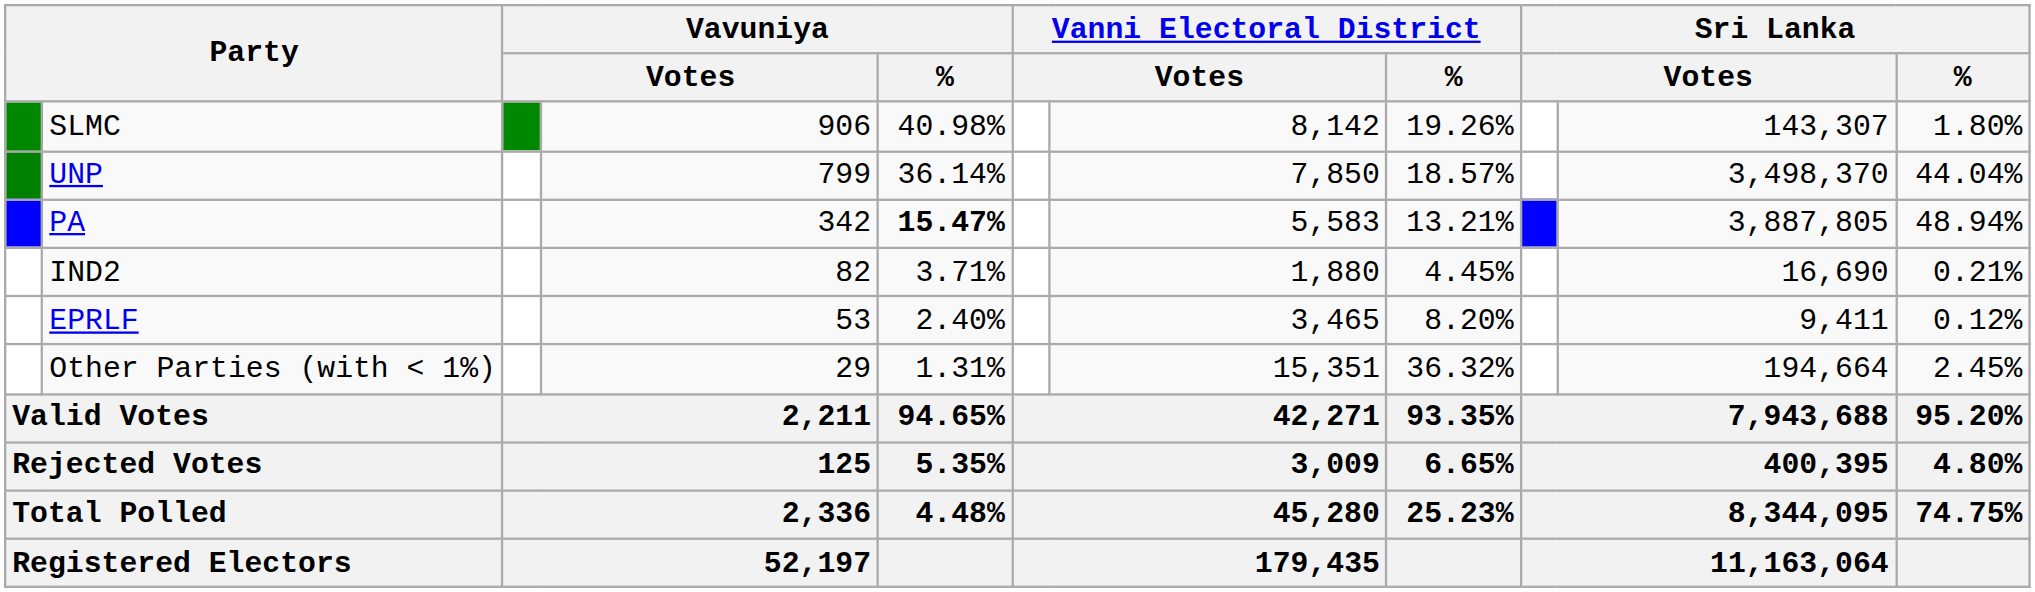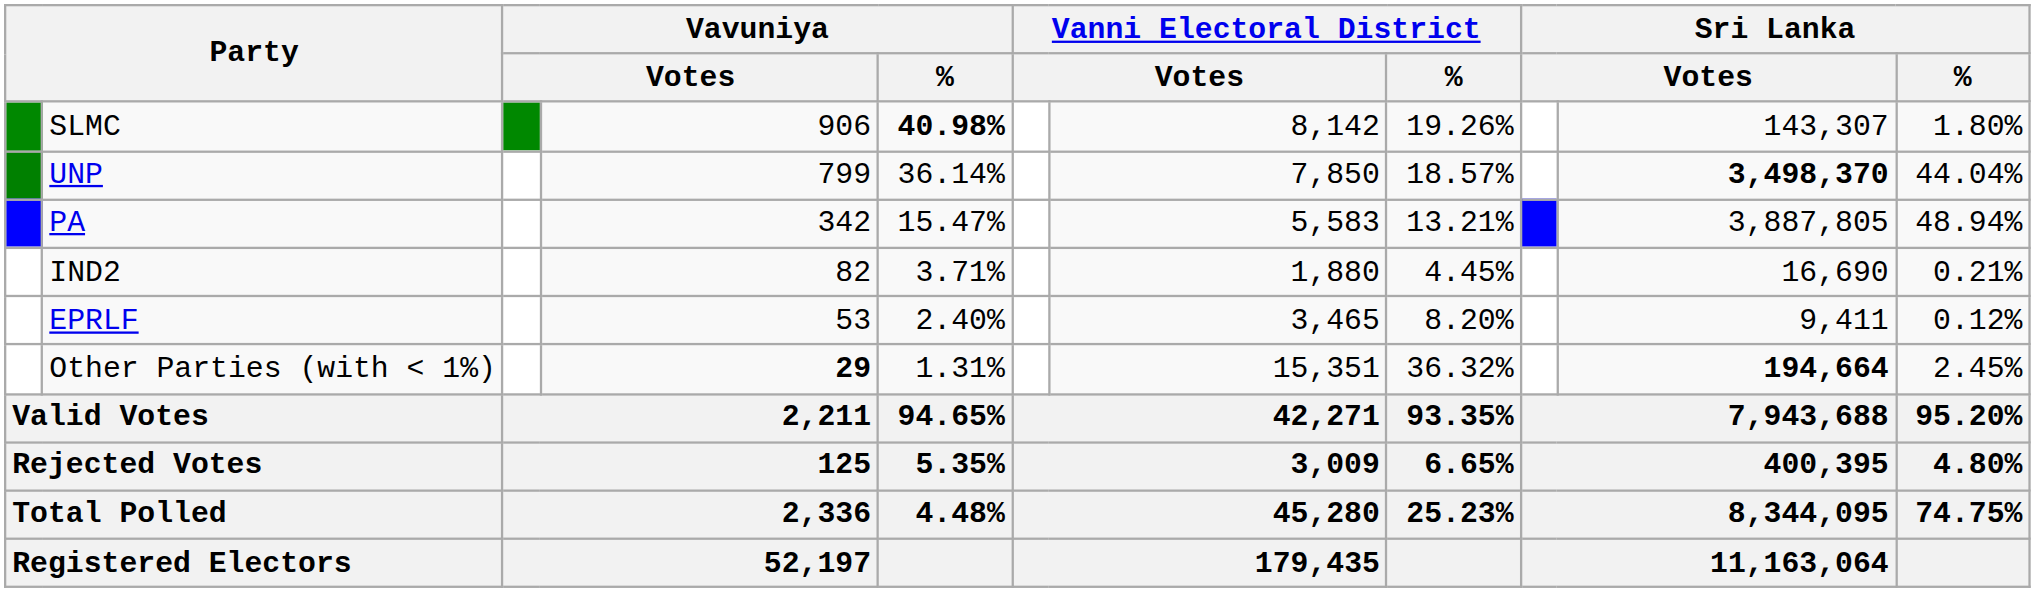 <table class="wikitable">
 <tr>
 <th colspan="2" width="144px"rowspan="2">Party</th>
 <th colspan="3" width="216px">Vavuniya</th>
 <th colspan="3" width="216px"><a href='#'>Vanni Electoral District</a></th>
 <th colspan="3" width="216px">Sri Lanka</th>
 </tr>
 <tr>
 <th colspan="2" width="144px">Votes</th>
 <th>%</th>
 <th colspan="2" width="144px">Votes</th>
 <th>%</th>
 <th colspan="2" width="144px">Votes</th>
 <th>%</th>
 </tr>
 <tr>
 <td style="background-color:#008800;" width="10px"></td>
 <td style="text-align:left;">SLMC</td>
 <td style="background-color:#008800;" width="10px"></td>
 <td style="text-align:right;">906</td>
-<td style="text-align:right;">40.98%</td>
+<td style="text-align:right;"><strong>40.98%</strong></td>
 <td style="background-color:white;" width="10px"></td>
 <td style="text-align:right;">8,142</td>
 <td style="text-align:right;">19.26%</td>
 <td style="background-color:white;" width="10px"></td>
 <td style="text-align:right;">143,307</td>
 <td style="text-align:right;">1.80%</td>
 </tr>
 <tr>
 <td style="background-color:green;" width="10px"></td>
 <td style="text-align:left;"><a href='#'>UNP</a></td>
 <td style="background-color:white;" width="10px"></td>
 <td style="text-align:right;">799</td>
 <td style="text-align:right;">36.14%</td>
 <td style="background-color:white;" width="10px"></td>
 <td style="text-align:right;">7,850</td>
 <td style="text-align:right;">18.57%</td>
 <td style="background-color:white;" width="10px"></td>
-<td style="text-align:right;">3,498,370</td>
+<td style="text-align:right;"><strong>3,498,370</strong></td>
 <td style="text-align:right;">44.04%</td>
 </tr>
 <tr>
 <td style="background-color:blue;" width="10px"></td>
 <td style="text-align:left;"><a href='#'>PA</a></td>
 <td style="background-color:white;" width="10px"></td>
 <td style="text-align:right;">342</td>
-<td style="text-align:right;"><strong>15.47%</strong></td>
+<td style="text-align:right;">15.47%</td>
 <td style="background-color:white;" width="10px"></td>
 <td style="text-align:right;">5,583</td>
 <td style="text-align:right;">13.21%</td>
 <td style="background-color:blue;" width="10px"></td>
 <td style="text-align:right;">3,887,805</td>
 <td style="text-align:right;">48.94%</td>
 </tr>
 <tr>
 <td style="background-color:white;" width="10px"></td>
 <td style="text-align:left;">IND2</td>
 <td style="background-color:white;" width="10px"></td>
 <td style="text-align:right;">82</td>
 <td style="text-align:right;">3.71%</td>
 <td style="background-color:white;" width="10px"></td>
 <td style="text-align:right;">1,880</td>
 <td style="text-align:right;">4.45%</td>
 <td style="background-color:white;" width="10px"></td>
 <td style="text-align:right;">16,690</td>
 <td style="text-align:right;">0.21%</td>
 </tr>
 <tr>
 <td style="background-color:white;" width="10px"></td>
 <td style="text-align:left;"><a href='#'>EPRLF</a></td>
 <td style="background-color:white;" width="10px"></td>
 <td style="text-align:right;">53</td>
 <td style="text-align:right;">2.40%</td>
 <td style="background-color:white;" width="10px"></td>
 <td style="text-align:right;">3,465</td>
 <td style="text-align:right;">8.20%</td>
 <td style="background-color:white;" width="10px"></td>
 <td style="text-align:right;">9,411</td>
 <td style="text-align:right;">0.12%</td>
 </tr>
 <tr>
 <td style="background-color:white;" width="10px"></td>
 <td style="text-align:left;">Other Parties (with < 1%)</td>
 <td style="background-color:white;" width="10px"></td>
-<td style="text-align:right;">29</td>
+<td style="text-align:right;"><strong>29</strong></td>
 <td style="text-align:right;">1.31%</td>
 <td style="background-color:white;" width="10px"></td>
 <td style="text-align:right;">15,351</td>
 <td style="text-align:right;">36.32%</td>
 <td style="background-color:white;" width="10px"></td>
-<td style="text-align:right;">194,664</td>
+<td style="text-align:right;"><strong>194,664</strong></td>
 <td style="text-align:right;">2.45%</td>
 </tr>
 <tr>
 <th colspan="2" width="144px"style="text-align:left;">Valid Votes</th>
 <th style="text-align:right;"colspan="2" width="144px">2,211</th>
 <th style="text-align:right;">94.65%</th>
 <th style="text-align:right;"colspan="2" width="144px">42,271</th>
 <th style="text-align:right;">93.35%</th>
 <th style="text-align:right;"colspan="2" width="144px">7,943,688</th>
 <th style="text-align:right;">95.20%</th>
 </tr>
 <tr>
 <th colspan="2" width="144px"style="text-align:left;">Rejected Votes</th>
 <th style="text-align:right;"colspan="2" width="144px">125</th>
 <th style="text-align:right;">5.35%</th>
 <th style="text-align:right;"colspan="2" width="144px">3,009</th>
 <th style="text-align:right;">6.65%</th>
 <th style="text-align:right;"colspan="2" width="144px">400,395</th>
 <th style="text-align:right;">4.80%</th>
 </tr>
 <tr>
 <th colspan="2" width="144px"style="text-align:left;">Total Polled</th>
 <th style="text-align:right;"colspan="2" width="144px">2,336</th>
 <th style="text-align:right;">4.48%</th>
 <th style="text-align:right;"colspan="2" width="144px">45,280</th>
 <th style="text-align:right;">25.23%</th>
 <th style="text-align:right;"colspan="2" width="144px">8,344,095</th>
 <th style="text-align:right;">74.75%</th>
 </tr>
 <tr>
 <th colspan="2" width="144px"style="text-align:left;">Registered Electors</th>
 <th style="text-align:right;"colspan="2" width="144px">52,197</th>
 <th></th>
 <th style="text-align:right;"colspan="2" width="144px">179,435</th>
 <th></th>
 <th style="text-align:right;"colspan="2" width="144px">11,163,064</th>
 <th></th>
 </tr>
 </table>
